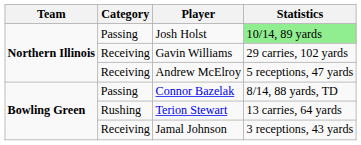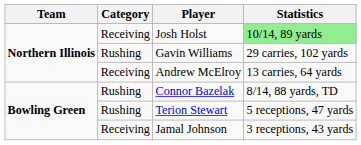 <table class="wikitable" style="float: right;">
 <tr>
 <th>Team</th>
 <th>Category</th>
 <th>Player</th>
 <th>Statistics</th>
 </tr>
 <tr>
 <td rowspan=3><strong>Northern Illinois</strong></td>
-<td>Passing</td>
+<td>Receiving</td>
 <td>Josh Holst</td>
 <td style="background: lightgreen;">10/14, 89 yards</td>
 </tr>
 <tr>
-<td>Receiving</td>
+<td>Rushing</td>
 <td>Gavin Williams</td>
 <td>29 carries, 102 yards</td>
 </tr>
 <tr>
 <td>Receiving</td>
 <td>Andrew McElroy</td>
-<td>5 receptions, 47 yards</td>
+<td>13 carries, 64 yards</td>
 </tr>
 <tr>
 <td rowspan=3><strong>Bowling Green</strong></td>
-<td>Passing</td>
+<td>Rushing</td>
 <td><a href='#'>Connor Bazelak</a></td>
 <td>8/14, 88 yards, TD</td>
 </tr>
 <tr>
 <td>Rushing</td>
 <td><a href='#'>Terion Stewart</a></td>
-<td>13 carries, 64 yards</td>
+<td>5 receptions, 47 yards</td>
 </tr>
 <tr>
 <td>Receiving</td>
 <td>Jamal Johnson</td>
 <td>3 receptions, 43 yards</td>
 </tr>
 </table>
